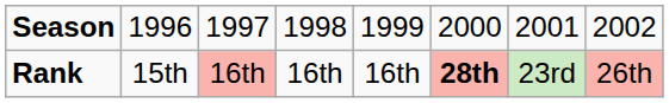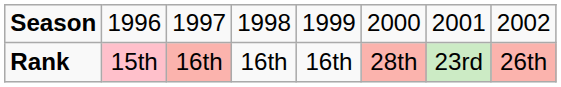 <table class="wikitable">
 <tr>
 <td><strong>Season</strong></td>
 <td>1996</td>
 <td>1997</td>
 <td>1998</td>
 <td>1999</td>
 <td>2000</td>
 <td>2001</td>
 <td>2002</td>
 </tr>
 <tr>
 <td><strong>Rank</strong></td>
-<td style="text-align:center">15th</td>
+<td style="background: pink; text-align:center">15th</td>
 <td style="background:#fbb3ad; text-align:center">16th</td>
 <td style="text-align:center">16th</td>
 <td style="text-align:center">16th</td>
-<td style="background:#fbb3ad; text-align:center"><strong>28th</strong></td>
+<td style="background:#fbb3ad; text-align:center">28th</td>
 <td style="background:#ccebc5; text-align:center">23rd</td>
 <td style="background:#fbb3ad; text-align:center">26th</td>
 </tr>
 </table>
